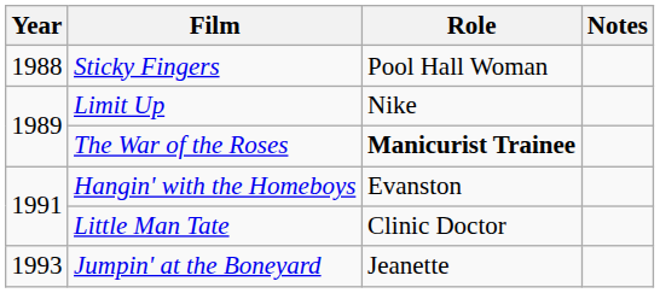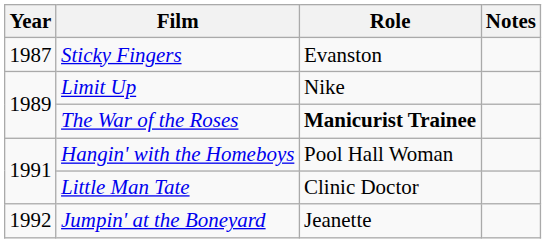 <table class="wikitable" style="font size:90%">
 <tr>
 <th>Year</th>
 <th>Film</th>
 <th>Role</th>
 <th>Notes</th>
 </tr>
 <tr>
-<td>1988</td>
+<td>1987</td>
 <td><em><a href='#'>Sticky Fingers</a></em></td>
-<td>Pool Hall Woman</td>
+<td>Evanston</td>
 <td></td>
 </tr>
 <tr>
 <td rowspan=2>1989</td>
 <td><em><a href='#'>Limit Up</a></em></td>
 <td>Nike</td>
 <td></td>
 </tr>
 <tr>
 <td><em><a href='#'>The War of the Roses</a></em></td>
 <td><strong>Manicurist Trainee</strong></td>
 <td></td>
 </tr>
 <tr>
 <td rowspan=2>1991</td>
 <td><em><a href='#'>Hangin' with the Homeboys</a></em></td>
-<td>Evanston</td>
+<td>Pool Hall Woman</td>
 <td></td>
 </tr>
 <tr>
 <td><em><a href='#'>Little Man Tate</a></em></td>
 <td>Clinic Doctor</td>
 <td></td>
 </tr>
 <tr>
-<td>1993</td>
+<td>1992</td>
 <td><em><a href='#'>Jumpin' at the Boneyard</a></em></td>
 <td Jeanette>Jeanette</td>
 <td></td>
 </tr>
 </table>
